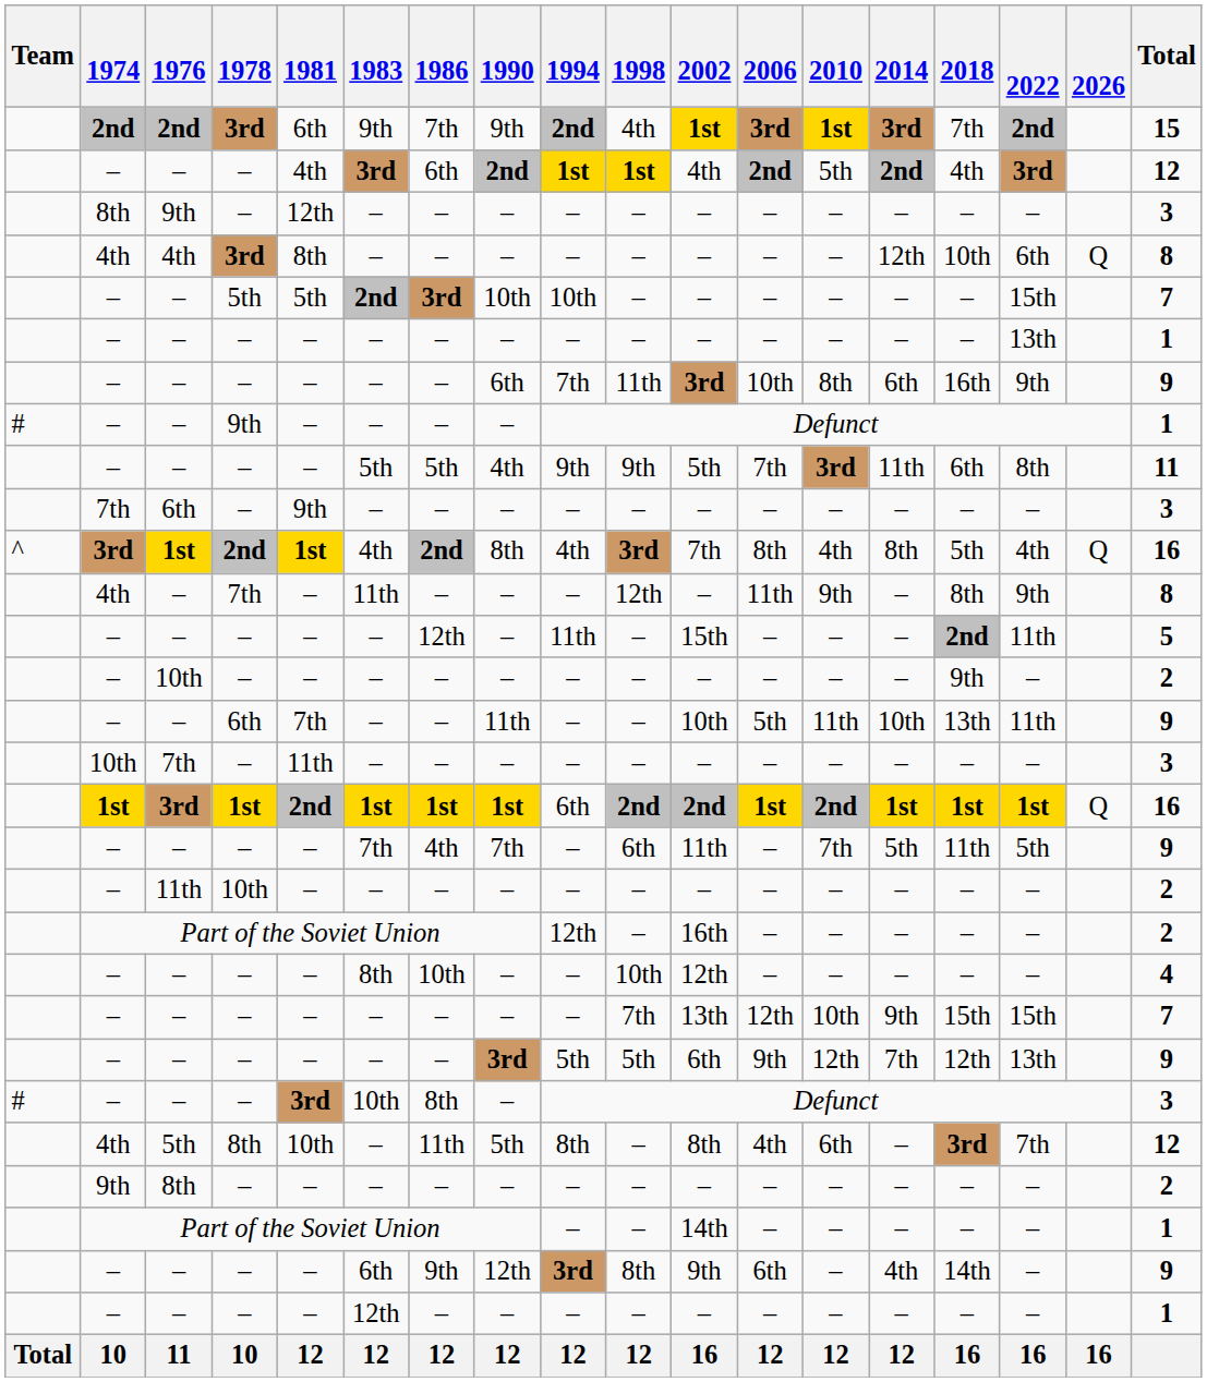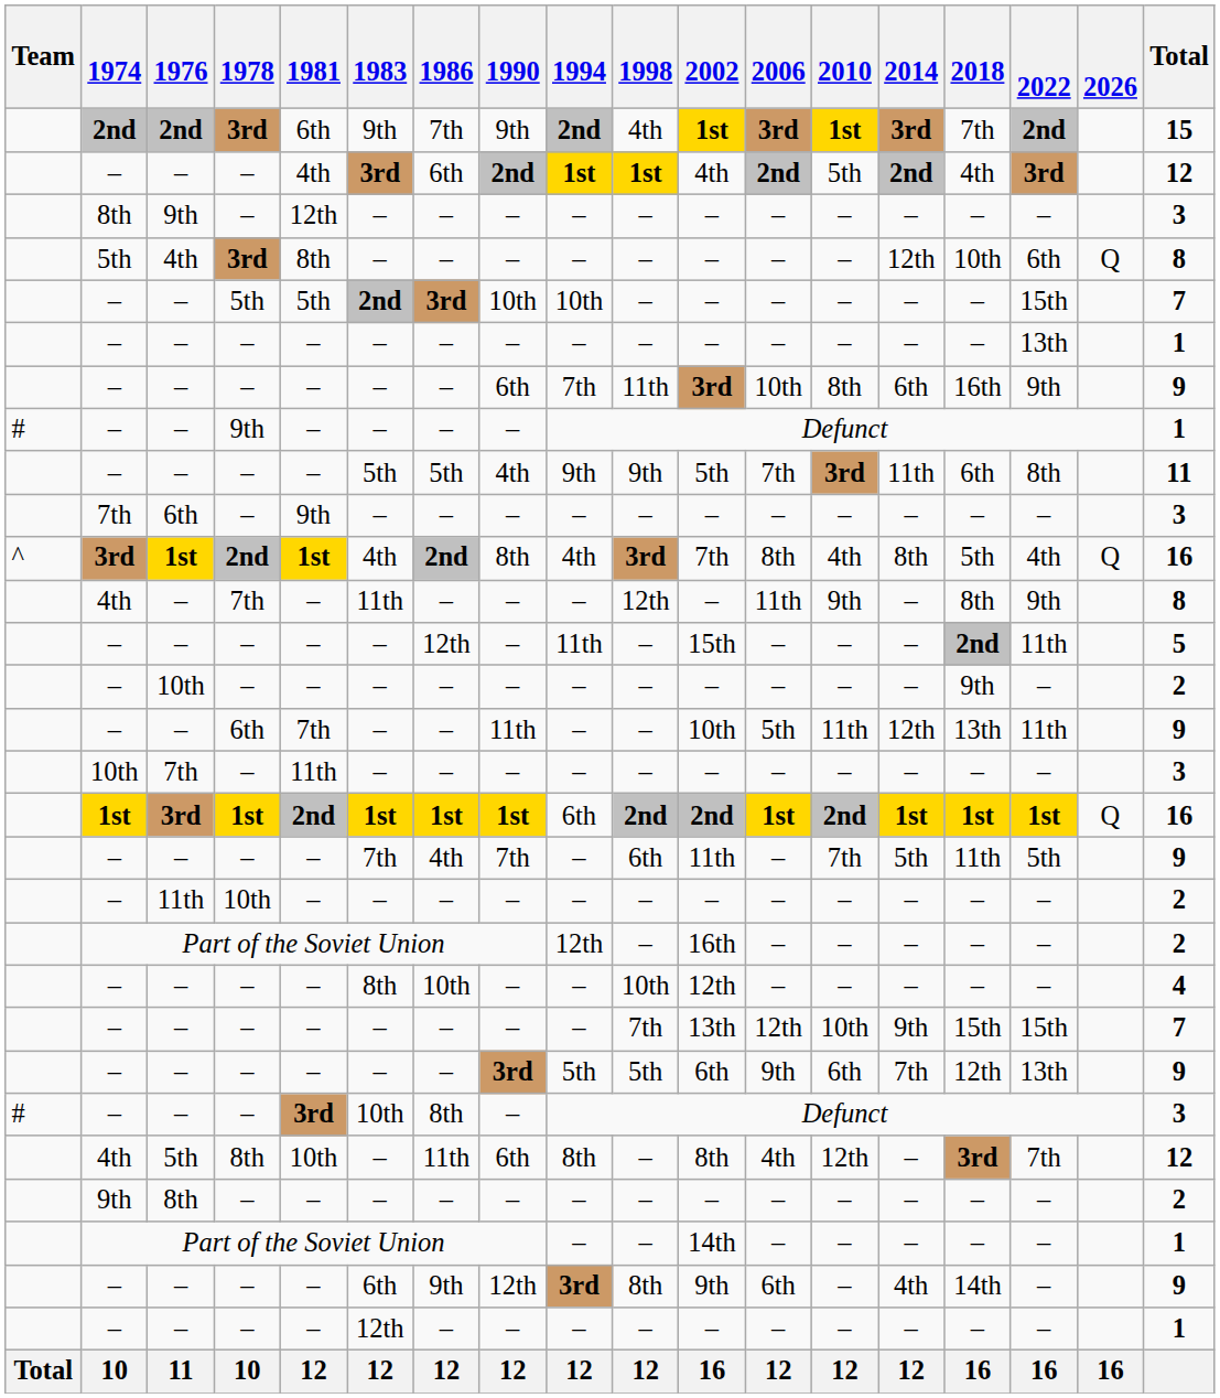 <table class=wikitable style="text-align:center">
 <tr>
 <th>Team</th>
 <th><br><a href='#'>1974</a></th>
 <th><br><a href='#'>1976</a></th>
 <th><br><a href='#'>1978</a></th>
 <th><br><a href='#'>1981</a></th>
 <th><br><a href='#'>1983</a></th>
 <th><br><a href='#'>1986</a></th>
 <th><br><a href='#'>1990</a></th>
 <th><br><a href='#'>1994</a></th>
 <th><br><a href='#'>1998</a></th>
 <th><br><a href='#'>2002</a></th>
 <th><br><a href='#'>2006</a></th>
 <th><br><a href='#'>2010</a></th>
 <th><br><a href='#'>2014</a></th>
 <th><br><a href='#'>2018</a></th>
 <th><br><br><a href='#'>2022</a></th>
 <th><br><br><a href='#'>2026</a></th>
 <th>Total</th>
 </tr>
 <tr>
 <td align=left></td>
 <td bgcolor=silver><strong>2nd</strong></td>
 <td bgcolor=silver><strong>2nd</strong></td>
 <td bgcolor=#cc9966><strong>3rd</strong></td>
 <td>6th</td>
 <td>9th</td>
 <td>7th</td>
 <td>9th</td>
 <td bgcolor=silver><strong>2nd</strong></td>
 <td>4th</td>
 <td bgcolor=gold><strong>1st</strong></td>
 <td bgcolor=#cc9966><strong>3rd</strong></td>
 <td bgcolor=gold><strong>1st</strong></td>
 <td bgcolor=#cc9966><strong>3rd</strong></td>
 <td>7th</td>
 <td bgcolor=silver><strong>2nd</strong></td>
 <td></td>
 <td><strong>15</strong></td>
 </tr>
 <tr>
 <td align=left></td>
 <td>–</td>
 <td>–</td>
 <td>–</td>
 <td>4th</td>
 <td bgcolor=#cc9966><strong>3rd</strong></td>
 <td>6th</td>
 <td bgcolor=silver><strong>2nd</strong></td>
 <td bgcolor=gold><strong>1st</strong></td>
 <td bgcolor=gold><strong>1st</strong></td>
 <td>4th</td>
 <td bgcolor=silver><strong>2nd</strong></td>
 <td>5th</td>
 <td bgcolor=silver><strong>2nd</strong></td>
 <td>4th</td>
 <td bgcolor=#cc9966><strong>3rd</strong></td>
 <td></td>
 <td><strong>12</strong></td>
 </tr>
 <tr>
 <td align=left></td>
 <td>8th</td>
 <td>9th</td>
 <td>–</td>
 <td>12th</td>
 <td>–</td>
 <td>–</td>
 <td>–</td>
 <td>–</td>
 <td>–</td>
 <td>–</td>
 <td>–</td>
 <td>–</td>
 <td>–</td>
 <td>–</td>
 <td>–</td>
 <td></td>
 <td><strong>3</strong></td>
 </tr>
 <tr>
 <td align=left></td>
-<td>4th</td>
+<td>5th</td>
 <td>4th</td>
 <td bgcolor=#cc9966><strong>3rd</strong></td>
 <td>8th</td>
 <td>–</td>
 <td>–</td>
 <td>–</td>
 <td>–</td>
 <td>–</td>
 <td>–</td>
 <td>–</td>
 <td>–</td>
 <td>12th</td>
 <td>10th</td>
 <td>6th</td>
 <td>Q</td>
 <td><strong>8</strong></td>
 </tr>
 <tr>
 <td align=left></td>
 <td>–</td>
 <td>–</td>
 <td>5th</td>
 <td>5th</td>
 <td bgcolor=silver><strong>2nd</strong></td>
 <td bgcolor=#cc9966><strong>3rd</strong></td>
 <td>10th</td>
 <td>10th</td>
 <td>–</td>
 <td>–</td>
 <td>–</td>
 <td>–</td>
 <td>–</td>
 <td>–</td>
 <td>15th</td>
 <td></td>
 <td><strong>7</strong></td>
 </tr>
 <tr>
 <td align=left></td>
 <td>–</td>
 <td>–</td>
 <td>–</td>
 <td>–</td>
 <td>–</td>
 <td>–</td>
 <td>–</td>
 <td>–</td>
 <td>–</td>
 <td>–</td>
 <td>–</td>
 <td>–</td>
 <td>–</td>
 <td>–</td>
 <td>13th</td>
 <td></td>
 <td><strong>1</strong></td>
 </tr>
 <tr>
 <td align=left></td>
 <td>–</td>
 <td>–</td>
 <td>–</td>
 <td>–</td>
 <td>–</td>
 <td>–</td>
 <td>6th</td>
 <td>7th</td>
 <td>11th</td>
 <td bgcolor=#cc9966><strong>3rd</strong></td>
 <td>10th</td>
 <td>8th</td>
 <td>6th</td>
 <td>16th</td>
 <td>9th</td>
 <td></td>
 <td><strong>9</strong></td>
 </tr>
 <tr>
 <td align=left>#</td>
 <td>–</td>
 <td>–</td>
 <td>9th</td>
 <td>–</td>
 <td>–</td>
 <td>–</td>
 <td>–</td>
 <td colspan="9"><em>Defunct</em></td>
 <td><strong>1</strong></td>
 </tr>
 <tr>
 <td align=left></td>
 <td>–</td>
 <td>–</td>
 <td>–</td>
 <td>–</td>
 <td>5th</td>
 <td>5th</td>
 <td>4th</td>
 <td>9th</td>
 <td>9th</td>
 <td>5th</td>
 <td>7th</td>
 <td bgcolor=#cc9966><strong>3rd</strong></td>
 <td>11th</td>
 <td>6th</td>
 <td>8th</td>
 <td></td>
 <td><strong>11</strong></td>
 </tr>
 <tr>
 <td align=left></td>
 <td>7th</td>
 <td>6th</td>
 <td>–</td>
 <td>9th</td>
 <td>–</td>
 <td>–</td>
 <td>–</td>
 <td>–</td>
 <td>–</td>
 <td>–</td>
 <td>–</td>
 <td>–</td>
 <td>–</td>
 <td>–</td>
 <td>–</td>
 <td></td>
 <td><strong>3</strong></td>
 </tr>
 <tr>
 <td align=left>^</td>
 <td bgcolor=#cc9966><strong>3rd</strong></td>
 <td bgcolor=gold><strong>1st</strong></td>
 <td bgcolor=silver><strong>2nd</strong></td>
 <td bgcolor=gold><strong>1st</strong></td>
 <td>4th</td>
 <td bgcolor=silver><strong>2nd</strong></td>
 <td>8th</td>
 <td>4th</td>
 <td bgcolor=#cc9966><strong>3rd</strong></td>
 <td>7th</td>
 <td>8th</td>
 <td>4th</td>
 <td>8th</td>
 <td>5th</td>
 <td>4th</td>
 <td>Q</td>
 <td><strong>16</strong></td>
 </tr>
 <tr>
 <td align=left></td>
 <td>4th</td>
 <td>–</td>
 <td>7th</td>
 <td>–</td>
 <td>11th</td>
 <td>–</td>
 <td>–</td>
 <td>–</td>
 <td>12th</td>
 <td>–</td>
 <td>11th</td>
 <td>9th</td>
 <td>–</td>
 <td>8th</td>
 <td>9th</td>
 <td></td>
 <td><strong>8</strong></td>
 </tr>
 <tr>
 <td align=left></td>
 <td>–</td>
 <td>–</td>
 <td>–</td>
 <td>–</td>
 <td>–</td>
 <td>12th</td>
 <td>–</td>
 <td>11th</td>
 <td>–</td>
 <td>15th</td>
 <td>–</td>
 <td>–</td>
 <td>–</td>
 <td bgcolor=silver><strong>2nd</strong></td>
 <td>11th</td>
 <td></td>
 <td><strong>5</strong></td>
 </tr>
 <tr>
 <td align=left></td>
 <td>–</td>
 <td>10th</td>
 <td>–</td>
 <td>–</td>
 <td>–</td>
 <td>–</td>
 <td>–</td>
 <td>–</td>
 <td>–</td>
 <td>–</td>
 <td>–</td>
 <td>–</td>
 <td>–</td>
 <td>9th</td>
 <td>–</td>
 <td></td>
 <td><strong>2</strong></td>
 </tr>
 <tr>
 <td align=left></td>
 <td>–</td>
 <td>–</td>
 <td>6th</td>
 <td>7th</td>
 <td>–</td>
 <td>–</td>
 <td>11th</td>
 <td>–</td>
 <td>–</td>
 <td>10th</td>
 <td>5th</td>
 <td>11th</td>
-<td>10th</td>
+<td>12th</td>
 <td>13th</td>
 <td>11th</td>
 <td></td>
 <td><strong>9</strong></td>
 </tr>
 <tr>
 <td align=left></td>
 <td>10th</td>
 <td>7th</td>
 <td>–</td>
 <td>11th</td>
 <td>–</td>
 <td>–</td>
 <td>–</td>
 <td>–</td>
 <td>–</td>
 <td>–</td>
 <td>–</td>
 <td>–</td>
 <td>–</td>
 <td>–</td>
 <td>–</td>
 <td></td>
 <td><strong>3</strong></td>
 </tr>
 <tr>
 <td align=left></td>
 <td bgcolor=gold><strong>1st</strong></td>
 <td bgcolor=#cc9966><strong>3rd</strong></td>
 <td bgcolor=gold><strong>1st</strong></td>
 <td bgcolor=silver><strong>2nd</strong></td>
 <td bgcolor=gold><strong>1st</strong></td>
 <td bgcolor=gold><strong>1st</strong></td>
 <td bgcolor=gold><strong>1st</strong></td>
 <td>6th</td>
 <td bgcolor=silver><strong>2nd</strong></td>
 <td bgcolor=silver><strong>2nd</strong></td>
 <td bgcolor=gold><strong>1st</strong></td>
 <td bgcolor=silver><strong>2nd</strong></td>
 <td bgcolor=gold><strong>1st</strong></td>
 <td bgcolor=gold><strong>1st</strong></td>
 <td bgcolor=gold><strong>1st</strong></td>
 <td>Q</td>
 <td><strong>16</strong></td>
 </tr>
 <tr>
 <td align=left></td>
 <td>–</td>
 <td>–</td>
 <td>–</td>
 <td>–</td>
 <td>7th</td>
 <td>4th</td>
 <td>7th</td>
 <td>–</td>
 <td>6th</td>
 <td>11th</td>
 <td>–</td>
 <td>7th</td>
 <td>5th</td>
 <td>11th</td>
 <td>5th</td>
 <td></td>
 <td><strong>9</strong></td>
 </tr>
 <tr>
 <td align=left></td>
 <td>–</td>
 <td>11th</td>
 <td>10th</td>
 <td>–</td>
 <td>–</td>
 <td>–</td>
 <td>–</td>
 <td>–</td>
 <td>–</td>
 <td>–</td>
 <td>–</td>
 <td>–</td>
 <td>–</td>
 <td>–</td>
 <td>–</td>
 <td></td>
 <td><strong>2</strong></td>
 </tr>
 <tr>
 <td align=left></td>
 <td colspan="7"><em>Part of the Soviet Union</em></td>
 <td>12th</td>
 <td>–</td>
 <td>16th</td>
 <td>–</td>
 <td>–</td>
 <td>–</td>
 <td>–</td>
 <td>–</td>
 <td></td>
 <td><strong>2</strong></td>
 </tr>
 <tr>
 <td align=left></td>
 <td>–</td>
 <td>–</td>
 <td>–</td>
 <td>–</td>
 <td>8th</td>
 <td>10th</td>
 <td>–</td>
 <td>–</td>
 <td>10th</td>
 <td>12th</td>
 <td>–</td>
 <td>–</td>
 <td>–</td>
 <td>–</td>
 <td>–</td>
 <td></td>
 <td><strong>4</strong></td>
 </tr>
 <tr>
 <td align=left></td>
 <td>–</td>
 <td>–</td>
 <td>–</td>
 <td>–</td>
 <td>–</td>
 <td>–</td>
 <td>–</td>
 <td>–</td>
 <td>7th</td>
 <td>13th</td>
 <td>12th</td>
 <td>10th</td>
 <td>9th</td>
 <td>15th</td>
 <td>15th</td>
 <td></td>
 <td><strong>7</strong></td>
 </tr>
 <tr>
 <td align=left></td>
 <td>–</td>
 <td>–</td>
 <td>–</td>
 <td>–</td>
 <td>–</td>
 <td>–</td>
 <td bgcolor=#cc9966><strong>3rd</strong></td>
 <td>5th</td>
 <td>5th</td>
 <td>6th</td>
 <td>9th</td>
-<td>12th</td>
+<td>6th</td>
 <td>7th</td>
 <td>12th</td>
 <td>13th</td>
 <td></td>
 <td><strong>9</strong></td>
 </tr>
 <tr>
 <td align=left>#</td>
 <td>–</td>
 <td>–</td>
 <td>–</td>
 <td bgcolor=#cc9966><strong>3rd</strong></td>
 <td>10th</td>
 <td>8th</td>
 <td>–</td>
 <td colspan="9"><em>Defunct</em></td>
 <td><strong>3</strong></td>
 </tr>
 <tr>
 <td align=left></td>
 <td>4th</td>
 <td>5th</td>
 <td>8th</td>
 <td>10th</td>
 <td>–</td>
 <td>11th</td>
-<td>5th</td>
+<td>6th</td>
 <td>8th</td>
 <td>–</td>
 <td>8th</td>
 <td>4th</td>
-<td>6th</td>
+<td>12th</td>
 <td>–</td>
 <td bgcolor=#cc9966><strong>3rd</strong></td>
 <td>7th</td>
 <td></td>
 <td><strong>12</strong></td>
 </tr>
 <tr>
 <td align=left></td>
 <td>9th</td>
 <td>8th</td>
 <td>–</td>
 <td>–</td>
 <td>–</td>
 <td>–</td>
 <td>–</td>
 <td>–</td>
 <td>–</td>
 <td>–</td>
 <td>–</td>
 <td>–</td>
 <td>–</td>
 <td>–</td>
 <td>–</td>
 <td></td>
 <td><strong>2</strong></td>
 </tr>
 <tr>
 <td align=left></td>
 <td colspan="7"><em>Part of the Soviet Union</em></td>
 <td>–</td>
 <td>–</td>
 <td>14th</td>
 <td>–</td>
 <td>–</td>
 <td>–</td>
 <td>–</td>
 <td>–</td>
 <td></td>
 <td><strong>1</strong></td>
 </tr>
 <tr>
 <td align=left></td>
 <td>–</td>
 <td>–</td>
 <td>–</td>
 <td>–</td>
 <td>6th</td>
 <td>9th</td>
 <td>12th</td>
 <td bgcolor=#cc9966><strong>3rd</strong></td>
 <td>8th</td>
 <td>9th</td>
 <td>6th</td>
 <td>–</td>
 <td>4th</td>
 <td>14th</td>
 <td>–</td>
 <td></td>
 <td><strong>9</strong></td>
 </tr>
 <tr>
 <td align=left></td>
 <td>–</td>
 <td>–</td>
 <td>–</td>
 <td>–</td>
 <td>12th</td>
 <td>–</td>
 <td>–</td>
 <td>–</td>
 <td>–</td>
 <td>–</td>
 <td>–</td>
 <td>–</td>
 <td>–</td>
 <td>–</td>
 <td>–</td>
 <td></td>
 <td><strong>1</strong></td>
 </tr>
 <tr>
 <th>Total</th>
 <th>10</th>
 <th>11</th>
 <th>10</th>
 <th>12</th>
 <th>12</th>
 <th>12</th>
 <th>12</th>
 <th>12</th>
 <th>12</th>
 <th>16</th>
 <th>12</th>
 <th>12</th>
 <th>12</th>
 <th>16</th>
 <th>16</th>
 <th>16</th>
 <th></th>
 </tr>
 </table>
